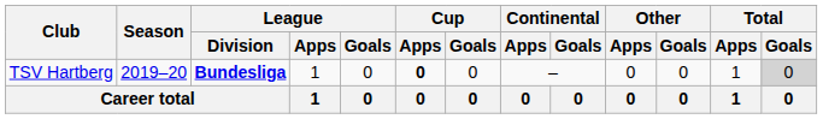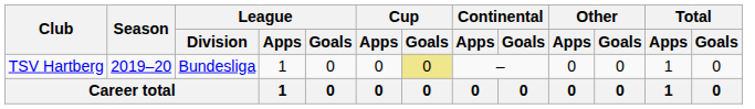 <table class="wikitable" style="text-align: center">
 <tr>
 <th rowspan="2">Club</th>
 <th rowspan="2">Season</th>
 <th colspan="3">League</th>
 <th colspan="2">Cup</th>
 <th colspan="2">Continental</th>
 <th colspan="2">Other</th>
 <th colspan="2">Total</th>
 </tr>
 <tr>
 <th>Division</th>
 <th>Apps</th>
 <th>Goals</th>
 <th>Apps</th>
 <th>Goals</th>
 <th>Apps</th>
 <th>Goals</th>
 <th>Apps</th>
 <th>Goals</th>
 <th>Apps</th>
 <th>Goals</th>
 </tr>
 <tr>
 <td><a href='#'>TSV Hartberg</a></td>
 <td><a href='#'>2019–20</a></td>
-<td><strong><a href='#'>Bundesliga</a></strong></td>
+<td><a href='#'>Bundesliga</a></td>
 <td>1</td>
 <td>0</td>
-<td><strong>0</strong></td>
 <td>0</td>
+<td style="background: khaki;">0</td>
 <td colspan="2">–</td>
 <td>0</td>
 <td>0</td>
 <td>1</td>
-<td style="background: lightgrey;">0</td>
+<td>0</td>
 </tr>
 <tr>
 <th colspan=3>Career total</th>
 <th>1</th>
 <th>0</th>
 <th>0</th>
 <th>0</th>
 <th>0</th>
 <th>0</th>
 <th>0</th>
 <th>0</th>
 <th>1</th>
 <th>0</th>
 </tr>
 </table>
